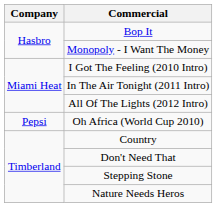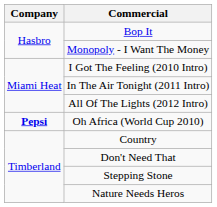 <table class="wikitable" style="text-align: center;">
 <tr>
 <th>Company</th>
 <th>Commercial</th>
 </tr>
 <tr>
 <td rowspan="2"><a href='#'>Hasbro</a></td>
 <td><a href='#'>Bop It</a></td>
 </tr>
 <tr>
 <td><a href='#'>Monopoly</a> - I Want The Money</td>
 </tr>
 <tr>
 <td rowspan="3"><a href='#'>Miami Heat</a></td>
 <td>I Got The Feeling (2010 Intro)</td>
 </tr>
 <tr>
 <td>In The Air Tonight (2011 Intro)</td>
 </tr>
 <tr>
 <td>All Of The Lights (2012 Intro)</td>
 </tr>
 <tr>
-<td><a href='#'>Pepsi</a></td>
+<td><strong><a href='#'>Pepsi</a></strong></td>
 <td>Oh Africa (World Cup 2010)</td>
 </tr>
 <tr>
 <td rowspan="4"><a href='#'>Timberland</a></td>
 <td>Country</td>
 </tr>
 <tr>
 <td>Don't Need That</td>
 </tr>
 <tr>
 <td>Stepping Stone</td>
 </tr>
 <tr>
 <td>Nature Needs Heros</td>
 </tr>
 </table>
